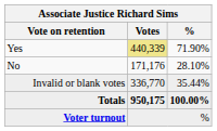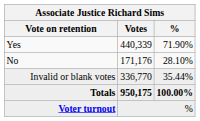 <table class="wikitable" style="font-size: 95%;">
 <tr style="background-color:#E9E9E9">
 <th colspan=7>Associate Justice Richard Sims</th>
 </tr>
 <tr style="background-color:#E9E9E9">
 <th style="width: 170px">Vote on retention</th>
 <th style="width: 50px">Votes</th>
 <th style="width: 40px">%</th>
 </tr>
 <tr>
 <td>Yes</td>
-<td align="right" style="background: khaki;">440,339</td>
+<td align="right">440,339</td>
 <td align="right">71.90%</td>
 </tr>
 <tr>
 <td>No</td>
 <td align="right">171,176</td>
 <td align="right">28.10%</td>
 </tr>
 <tr bgcolor="#EEEEEE">
 <td align="right">Invalid or blank votes</td>
 <td align="right">336,770</td>
 <td align="right">35.44%</td>
 </tr>
 <tr bgcolor="#EEEEEE">
 <td align="right"><strong>Totals</strong></td>
 <td align="right"><strong>950,175</strong></td>
 <td align="right"><strong>100.00%</strong></td>
 </tr>
 <tr bgcolor="#EEEEEE">
 <td align="right"><strong><a href='#'>Voter turnout</a></strong></td>
 <td colspan="2" align="right">%</td>
 </tr>
 </table>
